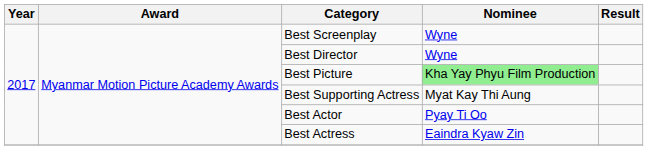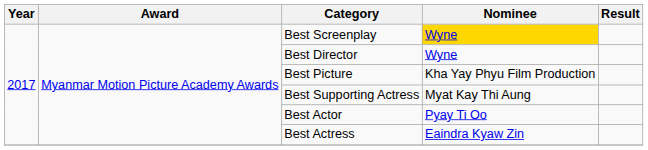 <table class="wikitable">
 <tr>
 <th>Year</th>
 <th>Award</th>
 <th>Category</th>
 <th>Nominee</th>
 <th>Result</th>
 </tr>
 <tr>
 <td scope="row" rowspan="6"><a href='#'>2017</a></td>
 <td scope="row" rowspan="6"><a href='#'>Myanmar Motion Picture Academy Awards</a></td>
 <td>Best Screenplay</td>
-<td><a href='#'>Wyne</a></td>
+<td style="background: gold;"><a href='#'>Wyne</a></td>
 <td></td>
 </tr>
 <tr>
 <td>Best Director</td>
 <td><a href='#'>Wyne</a></td>
 <td></td>
 </tr>
 <tr>
 <td>Best Picture</td>
-<td style="background: lightgreen;">Kha Yay Phyu Film Production</td>
+<td>Kha Yay Phyu Film Production</td>
 <td></td>
 </tr>
 <tr>
 <td>Best Supporting Actress</td>
 <td>Myat Kay Thi Aung</td>
 <td></td>
 </tr>
 <tr>
 <td>Best Actor</td>
 <td><a href='#'>Pyay Ti Oo</a></td>
 <td></td>
 </tr>
 <tr>
 <td>Best Actress</td>
 <td><a href='#'>Eaindra Kyaw Zin</a></td>
 <td></td>
 </tr>
 <tr>
 </tr>
 </table>
